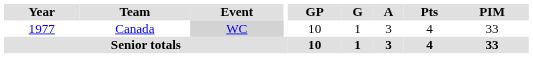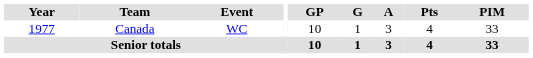 <table border="0" cellpadding="1" cellspacing="0" ID="Table3" style="text-align:center; width:40em">
 <tr bgcolor="#e0e0e0">
 <th>Year</th>
 <th>Team</th>
 <th>Event</th>
 <th rowspan="102" bgcolor="#ffffff"></th>
 <th>GP</th>
 <th>G</th>
 <th>A</th>
 <th>Pts</th>
 <th>PIM</th>
 </tr>
 <tr>
 <td><a href='#'>1977</a></td>
 <td><a href='#'>Canada</a></td>
-<td style="background: lightgrey;"><a href='#'>WC</a></td>
+<td><a href='#'>WC</a></td>
 <td>10</td>
 <td>1</td>
 <td>3</td>
 <td>4</td>
 <td>33</td>
 </tr>
 <tr bgcolor="#e0e0e0">
 <th colspan="4">Senior totals</th>
 <th>10</th>
 <th>1</th>
 <th>3</th>
 <th>4</th>
 <th>33</th>
 </tr>
 </table>
